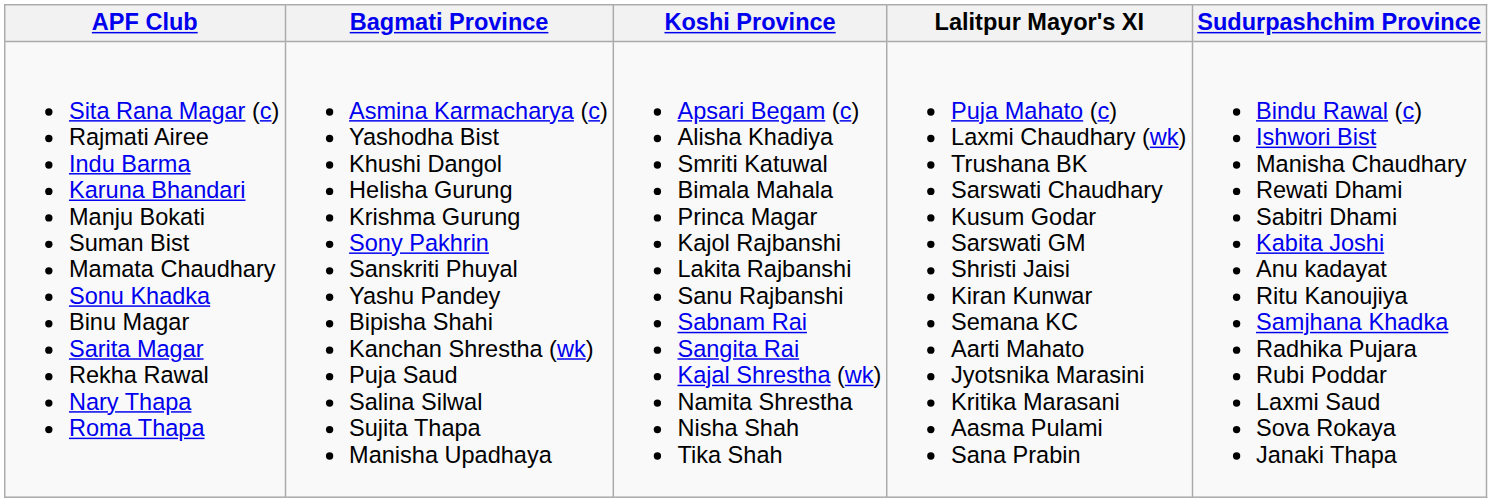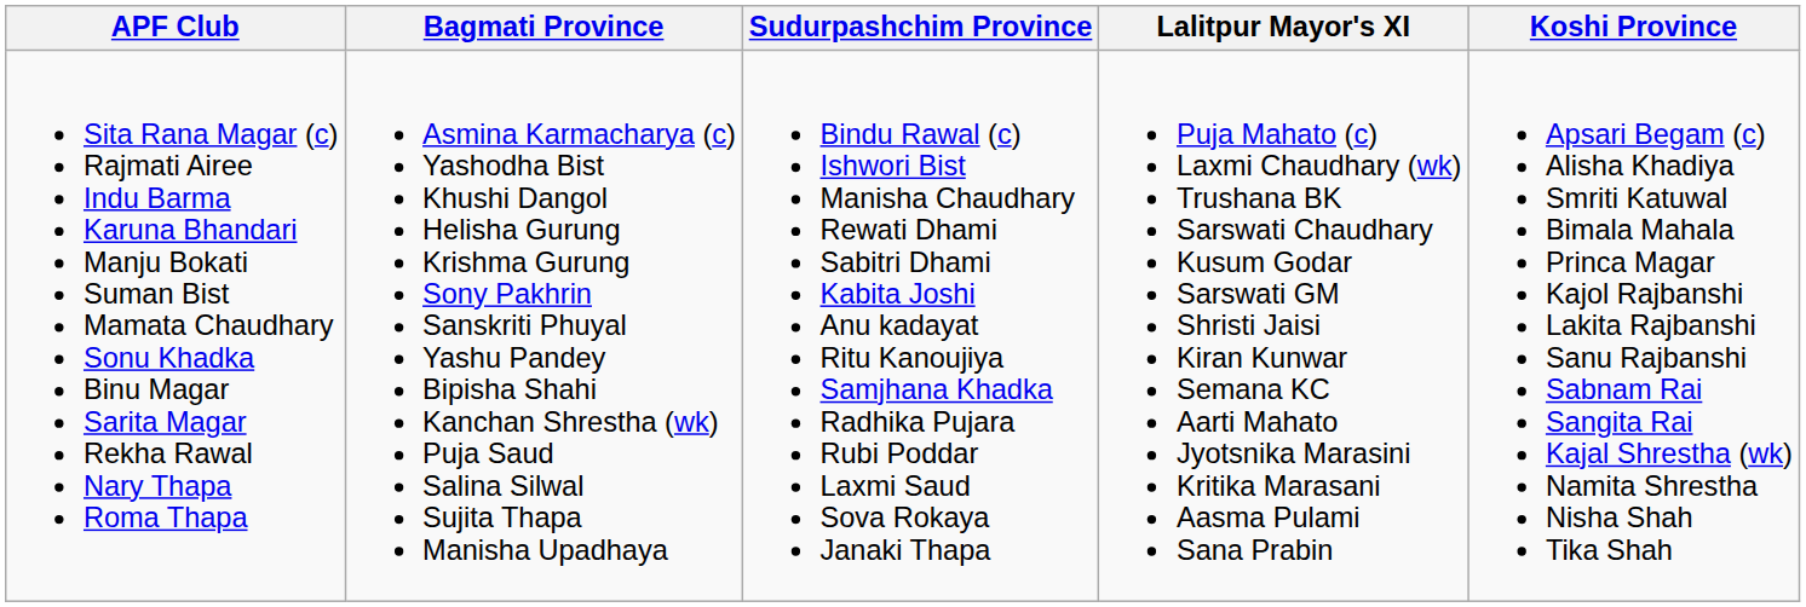 <table class="wikitable">
 <tr>
 <th><a href='#'>APF Club</a></th>
 <th><a href='#'>Bagmati Province</a></th>
+<th><a href='#'>Sudurpashchim Province</a></th>
+<th>Lalitpur Mayor's XI</th>
 <th><a href='#'>Koshi Province</a></th>
-<th>Lalitpur Mayor's XI</th>
-<th><a href='#'>Sudurpashchim Province</a></th>
 </tr>
 <tr>
 <td valign=top><br><ul><li><a href='#'>Sita Rana Magar</a> (<a href='#'>c</a>)</li><li>Rajmati Airee</li><li><a href='#'>Indu Barma</a></li><li><a href='#'>Karuna Bhandari</a></li><li>Manju Bokati</li><li>Suman Bist</li><li>Mamata Chaudhary</li><li><a href='#'>Sonu Khadka</a></li><li>Binu Magar</li><li><a href='#'>Sarita Magar</a></li><li>Rekha Rawal</li><li><a href='#'>Nary Thapa</a></li><li><a href='#'>Roma Thapa</a></li></ul></td>
 <td valign=top><br><ul><li><a href='#'>Asmina Karmacharya</a> (<a href='#'>c</a>)</li><li>Yashodha Bist</li><li>Khushi Dangol</li><li>Helisha Gurung</li><li>Krishma Gurung</li><li><a href='#'>Sony Pakhrin</a></li><li>Sanskriti Phuyal</li><li>Yashu Pandey</li><li>Bipisha Shahi</li><li>Kanchan Shrestha (<a href='#'>wk</a>)</li><li>Puja Saud</li><li>Salina Silwal</li><li>Sujita Thapa</li><li>Manisha Upadhaya</li></ul></td>
+<td valign=top><br><ul><li><a href='#'>Bindu Rawal</a> (<a href='#'>c</a>)</li><li><a href='#'>Ishwori Bist</a></li><li>Manisha Chaudhary</li><li>Rewati Dhami</li><li>Sabitri Dhami</li><li><a href='#'>Kabita Joshi</a></li><li>Anu kadayat</li><li>Ritu Kanoujiya</li><li><a href='#'>Samjhana Khadka</a></li><li>Radhika Pujara</li><li>Rubi Poddar</li><li>Laxmi Saud</li><li>Sova Rokaya</li><li>Janaki Thapa</li></ul></td>
+<td valign=top><br><ul><li><a href='#'>Puja Mahato</a> (<a href='#'>c</a>)</li><li>Laxmi Chaudhary (<a href='#'>wk</a>)</li><li>Trushana BK</li><li>Sarswati Chaudhary</li><li>Kusum Godar</li><li>Sarswati GM</li><li>Shristi Jaisi</li><li>Kiran Kunwar</li><li>Semana KC</li><li>Aarti Mahato</li><li>Jyotsnika Marasini</li><li>Kritika Marasani</li><li>Aasma Pulami</li><li>Sana Prabin</li></ul></td>
 <td valign=top><br><ul><li><a href='#'>Apsari Begam</a> (<a href='#'>c</a>)</li><li>Alisha Khadiya</li><li>Smriti Katuwal</li><li>Bimala Mahala</li><li>Princa Magar</li><li>Kajol Rajbanshi</li><li>Lakita Rajbanshi</li><li>Sanu Rajbanshi</li><li><a href='#'>Sabnam Rai</a></li><li><a href='#'>Sangita Rai</a></li><li><a href='#'>Kajal Shrestha</a> (<a href='#'>wk</a>)</li><li>Namita Shrestha</li><li>Nisha Shah</li><li>Tika Shah</li></ul></td>
-<td valign=top><br><ul><li><a href='#'>Puja Mahato</a> (<a href='#'>c</a>)</li><li>Laxmi Chaudhary (<a href='#'>wk</a>)</li><li>Trushana BK</li><li>Sarswati Chaudhary</li><li>Kusum Godar</li><li>Sarswati GM</li><li>Shristi Jaisi</li><li>Kiran Kunwar</li><li>Semana KC</li><li>Aarti Mahato</li><li>Jyotsnika Marasini</li><li>Kritika Marasani</li><li>Aasma Pulami</li><li>Sana Prabin</li></ul></td>
-<td valign=top><br><ul><li><a href='#'>Bindu Rawal</a> (<a href='#'>c</a>)</li><li><a href='#'>Ishwori Bist</a></li><li>Manisha Chaudhary</li><li>Rewati Dhami</li><li>Sabitri Dhami</li><li><a href='#'>Kabita Joshi</a></li><li>Anu kadayat</li><li>Ritu Kanoujiya</li><li><a href='#'>Samjhana Khadka</a></li><li>Radhika Pujara</li><li>Rubi Poddar</li><li>Laxmi Saud</li><li>Sova Rokaya</li><li>Janaki Thapa</li></ul></td>
 </tr>
 </table>
